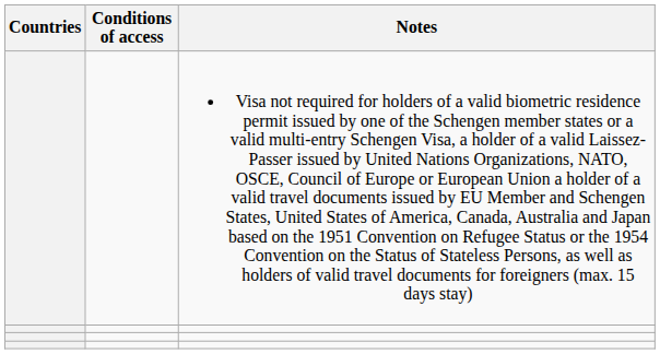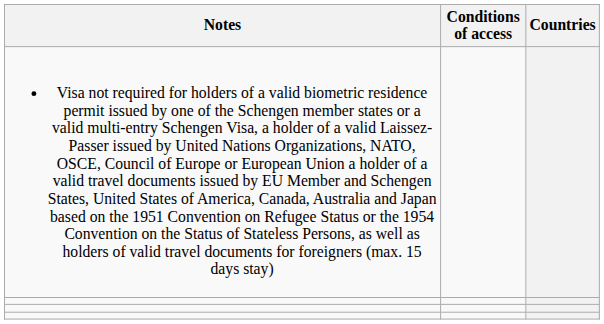 <table class="wikitable" style="text-align: center; table-layout: fixed;">
 <tr>
+<th>Notes</th>
+<th>Conditions of access</th>
 <th>Countries</th>
-<th>Conditions of access</th>
-<th>Notes</th>
 </tr>
 <tr>
+<td><br><ul><li>Visa not required for holders of a valid biometric residence permit issued by one of the Schengen member states or a valid multi-entry Schengen Visa, a holder of a valid Laissez-Passer issued by United Nations Organizations, NATO, OSCE, Council of Europe or European Union a holder of a valid travel documents issued by EU Member and Schengen States, United States of America, Canada, Australia and Japan based on the 1951 Convention on Refugee Status or the 1954 Convention on the Status of Stateless Persons, as well as holders of valid travel documents for foreigners (max. 15 days stay)</li></ul></td>
+<td></td>
 <th style="text-align: left;"></th>
-<td></td>
-<td><br><ul><li>Visa not required for holders of a valid biometric residence permit issued by one of the Schengen member states or a valid multi-entry Schengen Visa, a holder of a valid Laissez-Passer issued by United Nations Organizations, NATO, OSCE, Council of Europe or European Union a holder of a valid travel documents issued by EU Member and Schengen States, United States of America, Canada, Australia and Japan based on the 1951 Convention on Refugee Status or the 1954 Convention on the Status of Stateless Persons, as well as holders of valid travel documents for foreigners (max. 15 days stay)</li></ul></td>
 </tr>
 <tr>
-<th style="text-align: left;"></th>
 <td></td>
 <td></td>
+<th style="text-align: left;"></th>
 </tr>
 <tr>
-<th style="text-align: left;"></th>
 <td></td>
 <td></td>
+<th style="text-align: left;"></th>
 </tr>
 <tr>
-<th style="text-align: left;"></th>
 <td></td>
 <td></td>
+<th style="text-align: left;"></th>
 </tr>
 </table>
